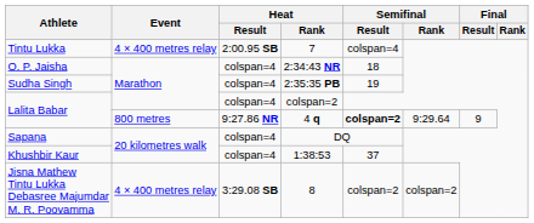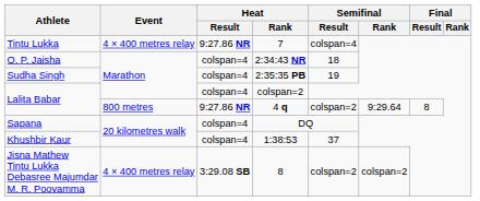 <table class="wikitable" style="font-size:90%">
 <tr>
 <th rowspan="2">Athlete</th>
 <th rowspan="2">Event</th>
 <th colspan="2">Heat</th>
 <th colspan="2">Semifinal</th>
 <th colspan="2">Final</th>
 </tr>
 <tr style="font-size:95%">
 <th>Result</th>
 <th>Rank</th>
 <th>Result</th>
 <th>Rank</th>
 <th>Result</th>
 <th>Rank</th>
 </tr>
 <tr style=text-align:center>
 <td style=text-align:left><a href='#'>Tintu Lukka</a></td>
 <td style=text-align:left><a href='#'>4 × 400 metres relay</a></td>
-<td>2:00.95 <strong>SB</strong></td>
+<td>9:27.86 <strong><a href='#'>NR</a></strong></td>
 <td>7</td>
 <td>colspan=4 </td>
 </tr>
 <tr style=text-align:center>
 <td style=text-align:left><a href='#'>O. P. Jaisha</a></td>
 <td style=text-align:left rowspan=3><a href='#'>Marathon</a></td>
 <td>colspan=4 </td>
 <td>2:34:43 <strong><a href='#'>NR</a></strong></td>
 <td>18</td>
 </tr>
 <tr style=text-align:center>
 <td style=text-align:left><a href='#'>Sudha Singh</a></td>
 <td>colspan=4 </td>
 <td>2:35:35 <strong>PB</strong></td>
 <td>19</td>
 </tr>
 <tr style=text-align:center>
 <td style=text-align:left rowspan=2><a href='#'>Lalita Babar</a></td>
 <td>colspan=4 </td>
 <td>colspan=2 </td>
 </tr>
 <tr style=text-align:center>
 <td style=text-align:left><a href='#'>800 metres</a></td>
 <td>9:27.86 <strong><a href='#'>NR</a></strong></td>
 <td>4 <strong>q</strong></td>
-<td><strong>colspan=2 </strong></td>
+<td>colspan=2 </td>
 <td>9:29.64</td>
-<td>9</td>
+<td>8</td>
 </tr>
 <tr style=text-align:center>
 <td style=text-align:left><a href='#'>Sapana</a></td>
 <td style=text-align:left rowspan=2><a href='#'>20 kilometres walk</a></td>
 <td>colspan=4 </td>
 <td colspan=2>DQ</td>
 </tr>
 <tr style=text-align:center>
 <td style=text-align:left><a href='#'>Khushbir Kaur</a></td>
 <td>colspan=4 </td>
 <td>1:38:53</td>
 <td>37</td>
 </tr>
 <tr style=text-align:center>
 <td style=text-align:left><a href='#'>Jisna Mathew</a><br> <a href='#'>Tintu Lukka</a><br> <a href='#'>Debasree Majumdar</a><br> <a href='#'>M. R. Poovamma</a></td>
 <td style=text-align:left><a href='#'>4 × 400 metres relay</a></td>
 <td>3:29.08 <strong>SB</strong></td>
 <td>8</td>
 <td>colspan=2 </td>
 <td>colspan=2 </td>
 </tr>
 </table>
